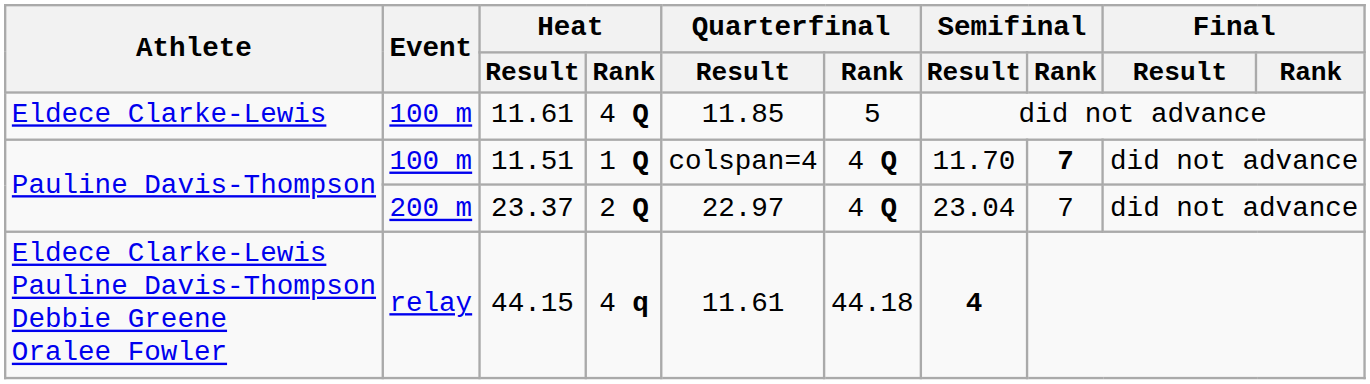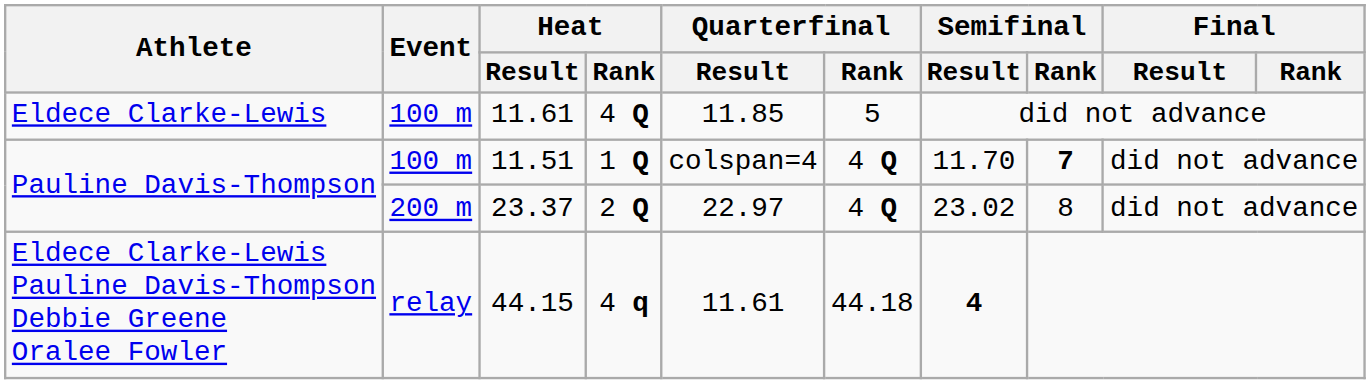 <table class="wikitable" style="font-size:90%">
 <tr>
 <th rowspan="2">Athlete</th>
 <th rowspan="2">Event</th>
 <th colspan="2">Heat</th>
 <th colspan="2">Quarterfinal</th>
 <th colspan="2">Semifinal</th>
 <th colspan="2">Final</th>
 </tr>
 <tr style="font-size:95%">
 <th>Result</th>
 <th>Rank</th>
 <th>Result</th>
 <th>Rank</th>
 <th>Result</th>
 <th>Rank</th>
 <th>Result</th>
 <th>Rank</th>
 </tr>
 <tr align=center>
 <td align=left><a href='#'>Eldece Clarke-Lewis</a></td>
 <td align=left><a href='#'>100 m</a></td>
 <td>11.61</td>
 <td>4 <strong>Q</strong></td>
 <td>11.85</td>
 <td>5</td>
 <td colspan=4>did not advance</td>
 </tr>
 <tr align=center>
 <td align=left rowspan=2><a href='#'>Pauline Davis-Thompson</a></td>
 <td align=left><a href='#'>100 m</a></td>
 <td>11.51</td>
 <td>1 <strong>Q</strong></td>
 <td>colspan=4 </td>
 <td>4 <strong>Q</strong></td>
 <td>11.70</td>
 <td><strong>7</strong></td>
 <td colspan=2>did not advance</td>
 </tr>
 <tr align=center>
 <td align=left><a href='#'>200 m</a></td>
 <td>23.37</td>
 <td>2 <strong>Q</strong></td>
 <td>22.97</td>
 <td>4 <strong>Q</strong></td>
-<td>23.04</td>
-<td>7</td>
+<td>23.02</td>
+<td>8</td>
 <td colspan=2>did not advance</td>
 </tr>
 <tr align=center>
 <td align=left><a href='#'>Eldece Clarke-Lewis</a><br><a href='#'>Pauline Davis-Thompson</a><br><a href='#'>Debbie Greene</a><br><a href='#'>Oralee Fowler</a></td>
 <td align=left><a href='#'> relay</a></td>
 <td>44.15</td>
 <td>4 <strong>q</strong></td>
 <td>11.61</td>
 <td>44.18</td>
 <td><strong>4</strong></td>
 </tr>
 </table>
